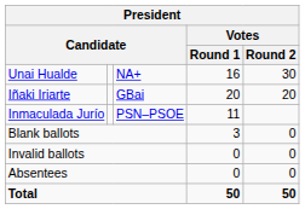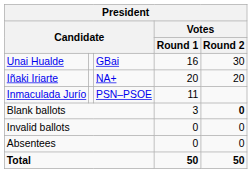 <table class="wikitable" style="font-size:90%; text-align:right;">
 <tr>
 <th colspan="5">President</th>
 </tr>
 <tr>
 <th colspan="3" rowspan="2">Candidate</th>
 <th colspan="2">Votes</th>
 </tr>
 <tr>
 <th>Round 1</th>
 <th>Round 2</th>
 </tr>
 <tr>
 <td align="left"> <a href='#'>Unai Hualde</a></td>
 <td style="background:"></td>
-<td align="left"><a href='#'>NA+</a></td>
+<td align="left"><a href='#'>GBai</a></td>
 <td>16</td>
 <td>30</td>
 </tr>
 <tr>
 <td align="left"> <a href='#'>Iñaki Iriarte</a></td>
 <td style="background:"></td>
-<td align="left"><a href='#'>GBai</a></td>
+<td align="left"><a href='#'>NA+</a></td>
 <td>20</td>
 <td>20</td>
 </tr>
 <tr>
 <td align="left"> <a href='#'>Inmaculada Jurío</a></td>
 <td style="background:"></td>
 <td align="left"><a href='#'>PSN–PSOE</a></td>
 <td>11</td>
 <td></td>
 </tr>
 <tr>
 <td align=left colspan="3">Blank ballots</td>
 <td>3</td>
-<td>0</td>
+<td><strong>0</strong></td>
 </tr>
 <tr>
 <td align=left colspan="3">Invalid ballots</td>
 <td>0</td>
 <td>0</td>
 </tr>
 <tr>
 <td align=left colspan="3">Absentees</td>
 <td>0</td>
 <td>0</td>
 </tr>
 <tr style="font-weight:bold">
 <td align=left colspan="3">Total</td>
 <td>50</td>
 <td>50</td>
 </tr>
 </table>
